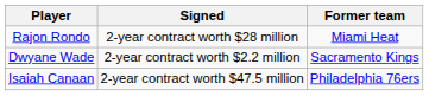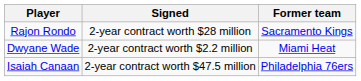 <table class="wikitable sortable sortable" style="text-align: center">
 <tr>
 <th>Player</th>
 <th>Signed</th>
 <th>Former team</th>
 </tr>
 <tr style="text-align: center">
 <td><a href='#'>Rajon Rondo</a></td>
 <td>2-year contract worth $28 million</td>
-<td><a href='#'>Miami Heat</a></td>
+<td><a href='#'>Sacramento Kings</a></td>
 </tr>
 <tr style="text-align: center">
 <td><a href='#'>Dwyane Wade</a></td>
 <td>2-year contract worth $2.2 million</td>
-<td><a href='#'>Sacramento Kings</a></td>
+<td><a href='#'>Miami Heat</a></td>
 </tr>
 <tr style="text-align: center">
 <td><a href='#'>Isaiah Canaan</a></td>
 <td>2-year contract worth $47.5 million</td>
 <td><a href='#'>Philadelphia 76ers</a></td>
 </tr>
 </table>
